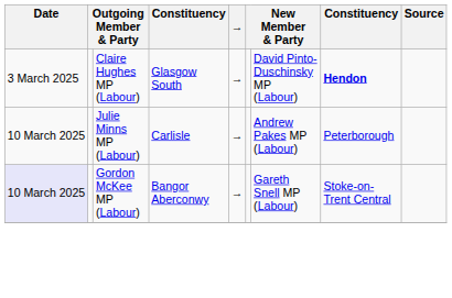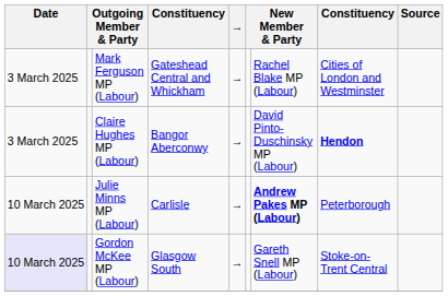 <table class="wikitable">
 <tr>
 <th valign="top">Date</th>
 <th colspan="2" valign="top">Outgoing Member<br>& Party</th>
 <th valign="top">Constituency</th>
 <th>→</th>
 <th colspan="2" valign="top">New Member<br>& Party</th>
 <th valign="top">Constituency</th>
 <th valign="top">Source</th>
 </tr>
 <tr>
 <td nowrap>3 March 2025</td>
 <td style="color:inherit;background:"></td>
+<td><a href='#'>Mark Ferguson</a> MP (<a href='#'>Labour</a>)</td>
+<td><a href='#'>Gateshead Central and Whickham</a></td>
+<td>→</td>
+<td style="color:inherit;background:"></td>
+<td><a href='#'>Rachel Blake</a> MP (<a href='#'>Labour</a>)</td>
+<td><a href='#'>Cities of London and Westminster</a></td>
+<td></td>
+</tr>
+<tr>
+<td nowrap>3 March 2025</td>
+<td style="color:inherit;background:"></td>
 <td><a href='#'>Claire Hughes</a> MP (<a href='#'>Labour</a>)</td>
-<td><a href='#'>Glasgow South</a></td>
+<td><a href='#'>Bangor Aberconwy</a></td>
 <td>→</td>
 <td style="color:inherit;background:"></td>
 <td><a href='#'>David Pinto-Duschinsky</a> MP (<a href='#'>Labour</a>)</td>
 <td><strong><a href='#'>Hendon</a></strong></td>
 <td></td>
 </tr>
 <tr>
 <td nowrap>10 March 2025</td>
 <td style="color:inherit;background:"></td>
 <td><a href='#'>Julie Minns</a> MP (<a href='#'>Labour</a>)</td>
 <td><a href='#'>Carlisle</a></td>
 <td>→</td>
 <td style="color:inherit;background:"></td>
-<td><a href='#'>Andrew Pakes</a> MP (<a href='#'>Labour</a>)</td>
+<td><strong><a href='#'>Andrew Pakes</a> MP (<a href='#'>Labour</a>)</strong></td>
 <td><a href='#'>Peterborough</a></td>
 <td></td>
 </tr>
 <tr>
 <td nowrap style="background: lavender;">10 March 2025</td>
 <td style="color:inherit;background:"></td>
 <td><a href='#'>Gordon McKee</a> MP (<a href='#'>Labour</a>)</td>
-<td><a href='#'>Bangor Aberconwy</a></td>
+<td><a href='#'>Glasgow South</a></td>
 <td>→</td>
 <td style="color:inherit;background:"></td>
 <td><a href='#'>Gareth Snell</a> MP (<a href='#'>Labour</a>)</td>
 <td><a href='#'>Stoke-on-Trent Central</a></td>
 <td></td>
 </tr>
 <tr>
 </tr>
 </table>
